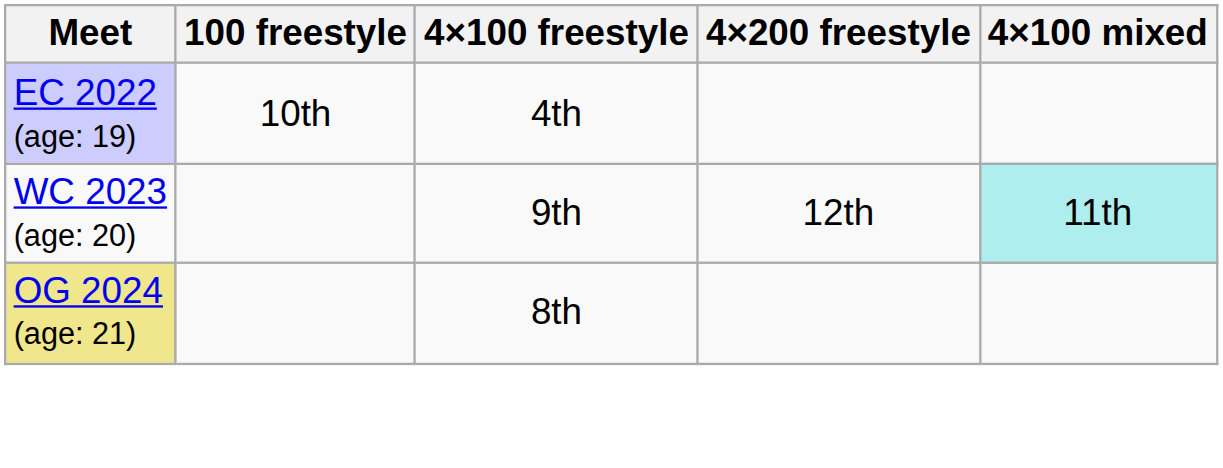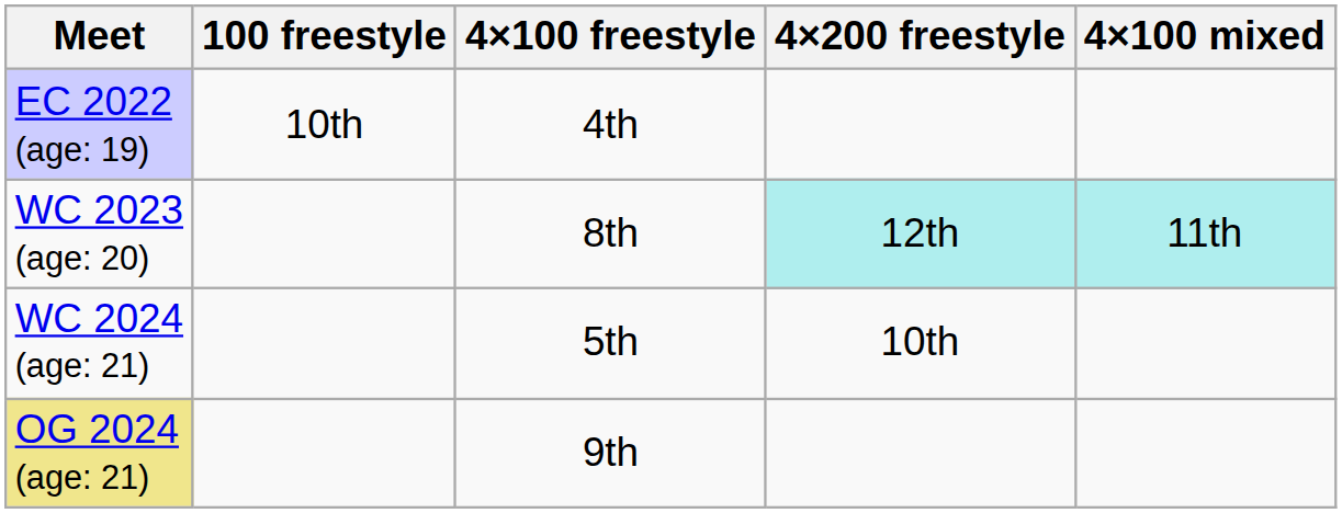 <table class="sortable wikitable">
 <tr>
 <th>Meet</th>
 <th class="unsortable">100 freestyle</th>
 <th class="unsortable">4×100 freestyle</th>
 <th class="unsortable">4×200 freestyle</th>
 <th class="unsortable">4×100 mixed</th>
 </tr>
 <tr>
 <td style="background:#ccccff"><a href='#'>EC 2022</a><br><small>(age: 19)</small></td>
 <td align="center">10th</td>
 <td align=center>4th</td>
 <td align=center></td>
 <td align=center></td>
 </tr>
 <tr>
 <td><a href='#'>WC 2023</a><br><small>(age: 20)</small></td>
 <td align="center"></td>
-<td align=center>9th</td>
-<td align=center>12th</td>
+<td align=center>8th</td>
+<td align=center style="background: paleturquoise;">12th</td>
 <td align=center style="background: paleturquoise;">11th</td>
+</tr>
+<tr>
+<td><a href='#'>WC 2024</a><br><small>(age: 21)</small></td>
+<td align="center"></td>
+<td align=center>5th</td>
+<td align=center>10th</td>
+<td align=center></td>
 </tr>
 <tr>
 <td style="background:#f0e68c"><a href='#'>OG 2024</a><br><small>(age: 21)</small></td>
 <td align="center"></td>
-<td align=center>8th</td>
+<td align=center>9th</td>
 <td align=center></td>
 <td align=center></td>
 </tr>
 </table>
